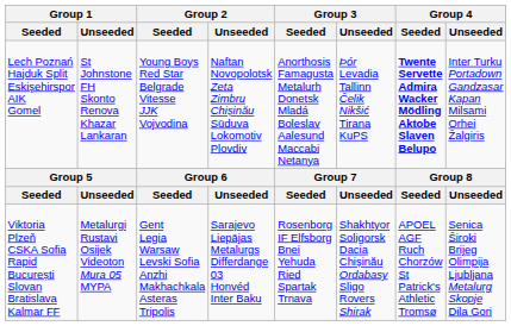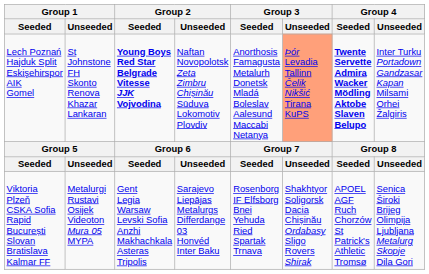 <table class="wikitable" style="font-size:85%">
 <tr>
 <th colspan=2>Group 1</th>
 <th colspan=2>Group 2</th>
 <th colspan=2>Group 3</th>
 <th colspan=2>Group 4</th>
 </tr>
 <tr>
 <th>Seeded</th>
 <th>Unseeded</th>
 <th>Seeded</th>
 <th>Unseeded</th>
 <th>Seeded</th>
 <th>Unseeded</th>
 <th>Seeded</th>
 <th>Unseeded</th>
 </tr>
 <tr>
 <td valign=top><br> <a href='#'>Lech Poznań</a><br>  <a href='#'>Hajduk Split</a><br>  <a href='#'>Eskişehirspor</a><br>  <a href='#'>AIK</a><br>  <a href='#'>Gomel</a></td>
 <td valign=top><br> <a href='#'>St Johnstone</a><br>  <a href='#'>FH</a><br>  <a href='#'>Skonto</a><br>  <a href='#'>Renova</a><br>  <a href='#'>Khazar Lankaran</a></td>
-<td valign=top><br> <a href='#'>Young Boys</a><br>  <a href='#'>Red Star Belgrade</a><br>  <a href='#'>Vitesse</a><br>  <em><a href='#'>JJK</a></em><br>  <a href='#'>Vojvodina</a></td>
+<td valign=top><strong><br> <a href='#'>Young Boys</a><br>  <a href='#'>Red Star Belgrade</a><br>  <a href='#'>Vitesse</a><br>  <em><a href='#'>JJK</a></em><br>  <a href='#'>Vojvodina</a></strong></td>
 <td valign=top><br> <a href='#'>Naftan Novopolotsk</a><br>  <em><a href='#'>Zeta</a></em><br>  <em><a href='#'>Zimbru Chișinău</a></em><br>  <a href='#'>Sūduva</a><br>  <a href='#'>Lokomotiv Plovdiv</a></td>
 <td valign=top><br> <a href='#'>Anorthosis Famagusta</a><br>  <a href='#'>Metalurh Donetsk</a><br>  <a href='#'>Mladá Boleslav</a><br>  <a href='#'>Aalesund</a><br>  <a href='#'>Maccabi Netanya</a></td>
-<td valign=top><br> <em><a href='#'>Þór</a></em><br>  <a href='#'>Levadia Tallinn</a><br>  <em><a href='#'>Čelik Nikšić</a></em><br>  <a href='#'>Tirana</a><br>  <a href='#'>KuPS</a></td>
+<td valign=top style="background: lightsalmon;"><br> <em><a href='#'>Þór</a></em><br>  <a href='#'>Levadia Tallinn</a><br>  <em><a href='#'>Čelik Nikšić</a></em><br>  <a href='#'>Tirana</a><br>  <a href='#'>KuPS</a></td>
 <td valign=top><strong><br> <a href='#'>Twente</a><br>  <a href='#'>Servette</a><br>  <a href='#'>Admira Wacker Mödling</a><br>  <a href='#'>Aktobe</a><br>  <a href='#'>Slaven Belupo</a></strong></td>
 <td valign=top><br> <a href='#'>Inter Turku</a><br>  <em><a href='#'>Portadown</a></em><br>  <em><a href='#'>Gandzasar Kapan</a></em><br>  <a href='#'>Milsami Orhei</a><br>  <a href='#'>Žalgiris</a></td>
 </tr>
 <tr>
 <th colspan=2>Group 5</th>
 <th colspan=2>Group 6</th>
 <th colspan=2>Group 7</th>
 <th colspan=2>Group 8</th>
 </tr>
 <tr>
 <th>Seeded</th>
 <th>Unseeded</th>
 <th>Seeded</th>
 <th>Unseeded</th>
 <th>Seeded</th>
 <th>Unseeded</th>
 <th>Seeded</th>
 <th>Unseeded</th>
 </tr>
 <tr>
 <td valign=top><br> <a href='#'>Viktoria Plzeň</a><br>  <a href='#'>CSKA Sofia</a><br>  <a href='#'>Rapid București</a><br>  <a href='#'>Slovan Bratislava</a><br>  <a href='#'>Kalmar FF</a></td>
 <td valign=top><br> <a href='#'>Metalurgi Rustavi</a><br>  <a href='#'>Osijek</a><br>  <a href='#'>Videoton</a><br>  <em><a href='#'>Mura 05</a></em><br>  <a href='#'>MYPA</a></td>
 <td valign=top><br> <a href='#'>Gent</a><br>  <a href='#'>Legia Warsaw</a><br>  <a href='#'>Levski Sofia</a><br>  <a href='#'>Anzhi Makhachkala</a><br>  <a href='#'>Asteras Tripolis</a></td>
 <td valign=top><br> <a href='#'>Sarajevo</a><br>  <a href='#'>Liepājas Metalurgs</a><br>  <a href='#'>Differdange 03</a><br>  <a href='#'>Honvéd</a><br>  <a href='#'>Inter Baku</a></td>
 <td valign=top><br> <a href='#'>Rosenborg</a><br>  <a href='#'>IF Elfsborg</a><br>  <a href='#'>Bnei Yehuda</a><br>  <a href='#'>Ried</a><br>  <a href='#'>Spartak Trnava</a></td>
 <td valign=top><br> <a href='#'>Shakhtyor Soligorsk</a><br>  <a href='#'>Dacia Chișinău</a><br>  <em><a href='#'>Ordabasy</a></em><br>  <a href='#'>Sligo Rovers</a><br>  <em><a href='#'>Shirak</a></em></td>
 <td valign=top><br> <a href='#'>APOEL</a><br>  <a href='#'>AGF</a><br>  <a href='#'>Ruch Chorzów</a><br>  <a href='#'>St Patrick's Athletic</a><br>  <a href='#'>Tromsø</a></td>
 <td valign=top><br> <a href='#'>Senica</a><br>  <a href='#'>Široki Brijeg</a><br>  <a href='#'>Olimpija Ljubljana</a><br>  <em><a href='#'>Metalurg Skopje</a></em><br>  <a href='#'>Dila Gori</a></td>
 </tr>
 </table>
